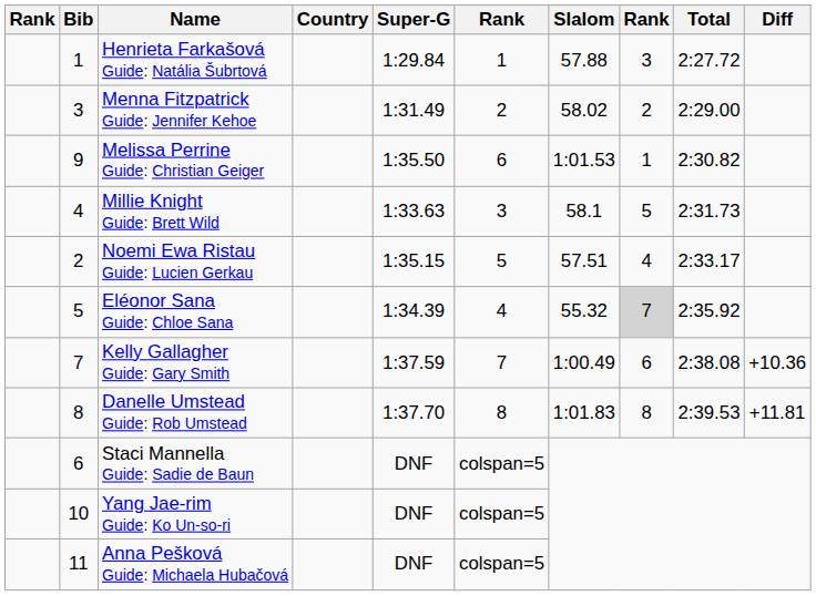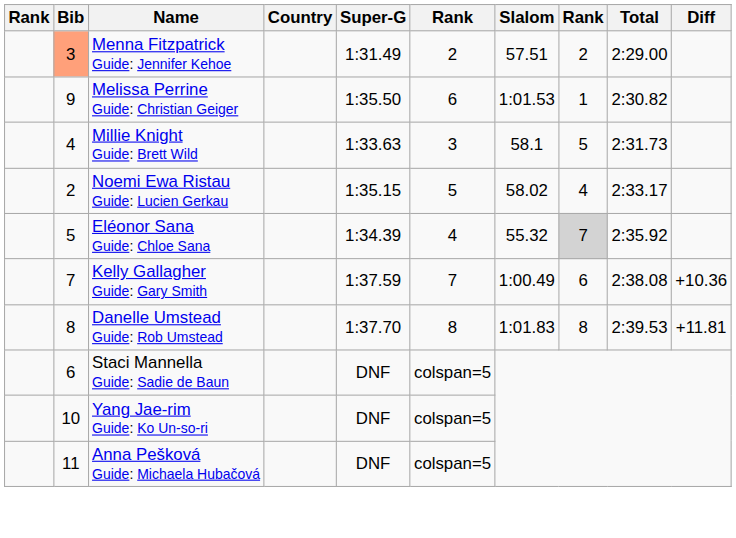 <table class="wikitable sortable" style="text-align:center">
 <tr>
 <th>Rank</th>
 <th>Bib</th>
 <th>Name</th>
 <th>Country</th>
 <th>Super-G</th>
 <th>Rank</th>
 <th>Slalom</th>
 <th>Rank</th>
 <th>Total</th>
 <th>Diff</th>
 </tr>
 <tr>
 <td></td>
-<td>1</td>
-<td align="left"><a href='#'>Henrieta Farkašová</a><br><small><a href='#'>Guide</a>: <a href='#'>Natália Šubrtová</a></small></td>
-<td align="left"></td>
-<td>1:29.84</td>
-<td>1</td>
-<td>57.88</td>
-<td>3</td>
-<td>2:27.72</td>
-<td></td>
-</tr>
-<tr>
-<td></td>
-<td>3</td>
+<td style="background: lightsalmon;">3</td>
 <td align="left"><a href='#'>Menna Fitzpatrick</a><br><small><a href='#'>Guide</a>: <a href='#'>Jennifer Kehoe</a></small></td>
 <td align="left"></td>
 <td>1:31.49</td>
 <td>2</td>
-<td>58.02</td>
+<td>57.51</td>
 <td>2</td>
 <td>2:29.00</td>
 <td></td>
 </tr>
 <tr>
 <td></td>
 <td>9</td>
 <td align="left"><a href='#'>Melissa Perrine</a><br><small><a href='#'>Guide</a>: <a href='#'>Christian Geiger</a></small></td>
 <td align="left"></td>
 <td>1:35.50</td>
 <td>6</td>
 <td>1:01.53</td>
 <td>1</td>
 <td>2:30.82</td>
 <td></td>
 </tr>
 <tr>
 <td></td>
 <td>4</td>
 <td align="left"><a href='#'>Millie Knight</a><br><small><a href='#'>Guide</a>: <a href='#'>Brett Wild</a></small></td>
 <td align="left"></td>
 <td>1:33.63</td>
 <td>3</td>
 <td>58.1</td>
 <td>5</td>
 <td>2:31.73</td>
 <td></td>
 </tr>
 <tr>
 <td></td>
 <td>2</td>
 <td align="left"><a href='#'>Noemi Ewa Ristau</a><br><small><a href='#'>Guide</a>: <a href='#'>Lucien Gerkau</a></small></td>
 <td align="left"></td>
 <td>1:35.15</td>
 <td>5</td>
-<td>57.51</td>
+<td>58.02</td>
 <td>4</td>
 <td>2:33.17</td>
 <td></td>
 </tr>
 <tr>
 <td></td>
 <td>5</td>
 <td align="left"><a href='#'>Eléonor Sana</a><br><small><a href='#'>Guide</a>: <a href='#'>Chloe Sana</a></small></td>
 <td align="left"></td>
 <td>1:34.39</td>
 <td>4</td>
 <td>55.32</td>
 <td style="background: lightgrey;">7</td>
 <td>2:35.92</td>
 <td></td>
 </tr>
 <tr>
 <td></td>
 <td>7</td>
 <td align="left"><a href='#'>Kelly Gallagher</a><br><small><a href='#'>Guide</a>: <a href='#'>Gary Smith</a></small></td>
 <td align="left"></td>
 <td>1:37.59</td>
 <td>7</td>
 <td>1:00.49</td>
 <td>6</td>
 <td>2:38.08</td>
 <td>+10.36</td>
 </tr>
 <tr>
 <td></td>
 <td>8</td>
 <td align="left"><a href='#'>Danelle Umstead</a><br><small><a href='#'>Guide</a>: <a href='#'>Rob Umstead</a></small></td>
 <td align="left"></td>
 <td>1:37.70</td>
 <td>8</td>
 <td>1:01.83</td>
 <td>8</td>
 <td>2:39.53</td>
 <td>+11.81</td>
 </tr>
 <tr>
 <td></td>
 <td>6</td>
 <td align="left">Staci Mannella<br><small><a href='#'>Guide</a>: <a href='#'>Sadie de Baun</a></small></td>
 <td align="left"></td>
 <td>DNF</td>
 <td>colspan=5 </td>
 </tr>
 <tr>
 <td></td>
 <td>10</td>
 <td align="left"><a href='#'>Yang Jae-rim</a><br><small><a href='#'>Guide</a>: <a href='#'>Ko Un-so-ri</a></small></td>
 <td align="left"></td>
 <td>DNF</td>
 <td>colspan=5 </td>
 </tr>
 <tr>
 <td></td>
 <td>11</td>
 <td align="left"><a href='#'>Anna Pešková</a><br><small><a href='#'>Guide</a>: <a href='#'>Michaela Hubačová</a></small></td>
 <td align="left"></td>
 <td>DNF</td>
 <td>colspan=5 </td>
 </tr>
 </table>
